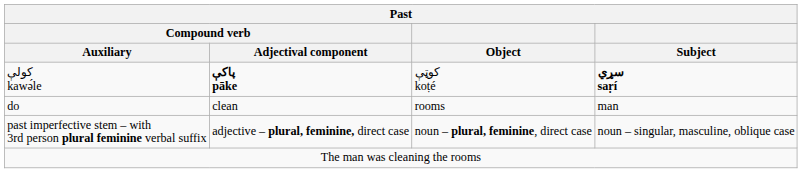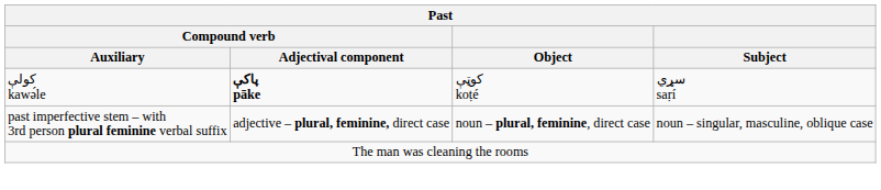 <table class="wikitable">
 <tr>
 <th colspan="4">Past</th>
 </tr>
 <tr>
 <th colspan="2">Compound verb</th>
 <th></th>
 <th></th>
 </tr>
 <tr>
 <th>Auxiliary</th>
 <th>Adjectival component</th>
 <th>Object</th>
 <th>Subject</th>
 </tr>
 <tr>
 <td>كولې<br>kawә́le</td>
 <td><strong>پاکې<br>pāke</strong></td>
 <td>کوټې<br>koṭé</td>
-<td><strong>سړي<br>saṛí</strong></td>
-</tr>
-<tr>
-<td>do</td>
-<td>clean</td>
-<td>rooms</td>
-<td>man</td>
+<td>سړي<br>saṛí</td>
 </tr>
 <tr>
 <td>past imperfective stem – with<br>3rd person <strong>plural feminine</strong> verbal suffix</td>
 <td>adjective – <strong>plural, feminine,</strong> direct case</td>
 <td>noun – <strong>plural, feminine</strong>, direct case</td>
 <td>noun – singular, masculine, oblique case</td>
 </tr>
 <tr>
 <td colspan="4" style="text-align:center;">The man was cleaning the rooms</td>
 </tr>
 </table>
